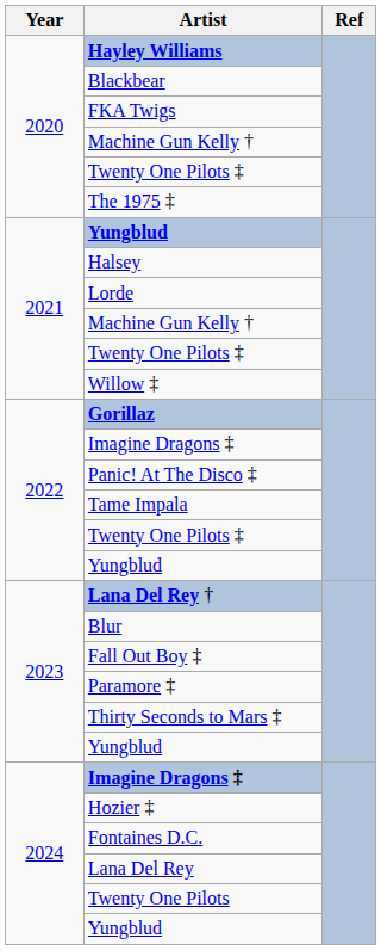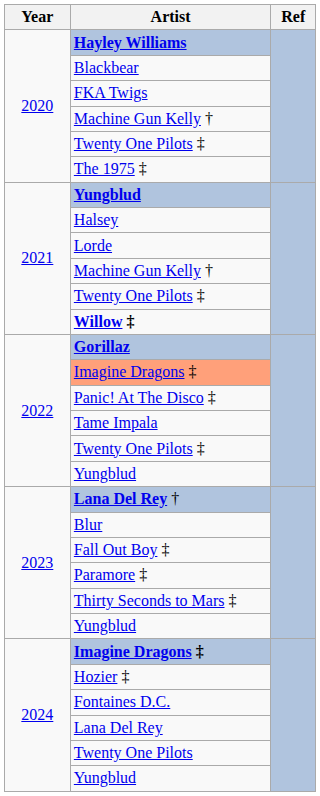 <table class="wikitable" style="width:50%;">
 <tr style="background:#bebebe;">
 <th style="width:10%;">Year</th>
 <th style="width:35%;">Artist</th>
 <th style="width:5%;">Ref</th>
 </tr>
 <tr>
 <td rowspan="7" align="center"><a href='#'>2020</a></td>
 </tr>
 <tr style="background:#B0C4DE">
 <td><strong><a href='#'>Hayley Williams</a></strong></td>
 <td rowspan="6" align="center"></td>
 </tr>
 <tr>
 <td><a href='#'>Blackbear</a></td>
 </tr>
 <tr>
 <td><a href='#'>FKA Twigs</a></td>
 </tr>
 <tr>
 <td><a href='#'>Machine Gun Kelly</a> †</td>
 </tr>
 <tr>
 <td><a href='#'>Twenty One Pilots</a> ‡</td>
 </tr>
 <tr>
 <td><a href='#'>The 1975</a> ‡</td>
 </tr>
 <tr>
 <td rowspan="7" align="center"><a href='#'>2021</a></td>
 </tr>
 <tr style="background:#B0C4DE">
 <td><strong><a href='#'>Yungblud</a></strong></td>
 <td rowspan="6" align="center"></td>
 </tr>
 <tr>
 <td><a href='#'>Halsey</a></td>
 </tr>
 <tr>
 <td><a href='#'>Lorde</a></td>
 </tr>
 <tr>
 <td><a href='#'>Machine Gun Kelly</a> †</td>
 </tr>
 <tr>
 <td><a href='#'>Twenty One Pilots</a> ‡</td>
 </tr>
 <tr>
-<td><a href='#'>Willow</a> ‡</td>
+<td><strong><a href='#'>Willow</a> ‡</strong></td>
 </tr>
 <tr>
 <td rowspan="7" align="center"><a href='#'>2022</a></td>
 </tr>
 <tr style="background:#B0C4DE">
 <td><strong><a href='#'>Gorillaz</a></strong></td>
 <td rowspan="6" align="center"></td>
 </tr>
 <tr>
-<td><a href='#'>Imagine Dragons</a> ‡</td>
+<td style="background: lightsalmon;"><a href='#'>Imagine Dragons</a> ‡</td>
 </tr>
 <tr>
 <td><a href='#'>Panic! At The Disco</a> ‡</td>
 </tr>
 <tr>
 <td><a href='#'>Tame Impala</a></td>
 </tr>
 <tr>
 <td><a href='#'>Twenty One Pilots</a> ‡</td>
 </tr>
 <tr>
 <td><a href='#'>Yungblud</a></td>
 </tr>
 <tr>
 <td rowspan="7" align="center"><a href='#'>2023</a></td>
 </tr>
 <tr style="background:#B0C4DE">
 <td><strong><a href='#'>Lana Del Rey</a></strong> †</td>
 <td rowspan="6" align="center"></td>
 </tr>
 <tr>
 <td><a href='#'>Blur</a></td>
 </tr>
 <tr>
 <td><a href='#'>Fall Out Boy</a> ‡</td>
 </tr>
 <tr>
 <td><a href='#'>Paramore</a> ‡</td>
 </tr>
 <tr>
 <td><a href='#'>Thirty Seconds to Mars</a> ‡</td>
 </tr>
 <tr>
 <td><a href='#'>Yungblud</a></td>
 </tr>
 <tr>
 <td rowspan="7" align="center"><a href='#'>2024</a></td>
 </tr>
 <tr style="background:#B0C4DE">
 <td><strong><a href='#'>Imagine Dragons</a> ‡</strong></td>
 <td rowspan="6" align="center" style="background:#B0C4DE"></td>
 </tr>
 <tr>
 <td><a href='#'>Hozier</a> ‡</td>
 </tr>
 <tr>
 <td><a href='#'>Fontaines D.C.</a></td>
 </tr>
 <tr>
 <td><a href='#'>Lana Del Rey</a></td>
 </tr>
 <tr>
 <td><a href='#'>Twenty One Pilots</a></td>
 </tr>
 <tr>
 <td><a href='#'>Yungblud</a></td>
 </tr>
 <tr>
 </tr>
 </table>
